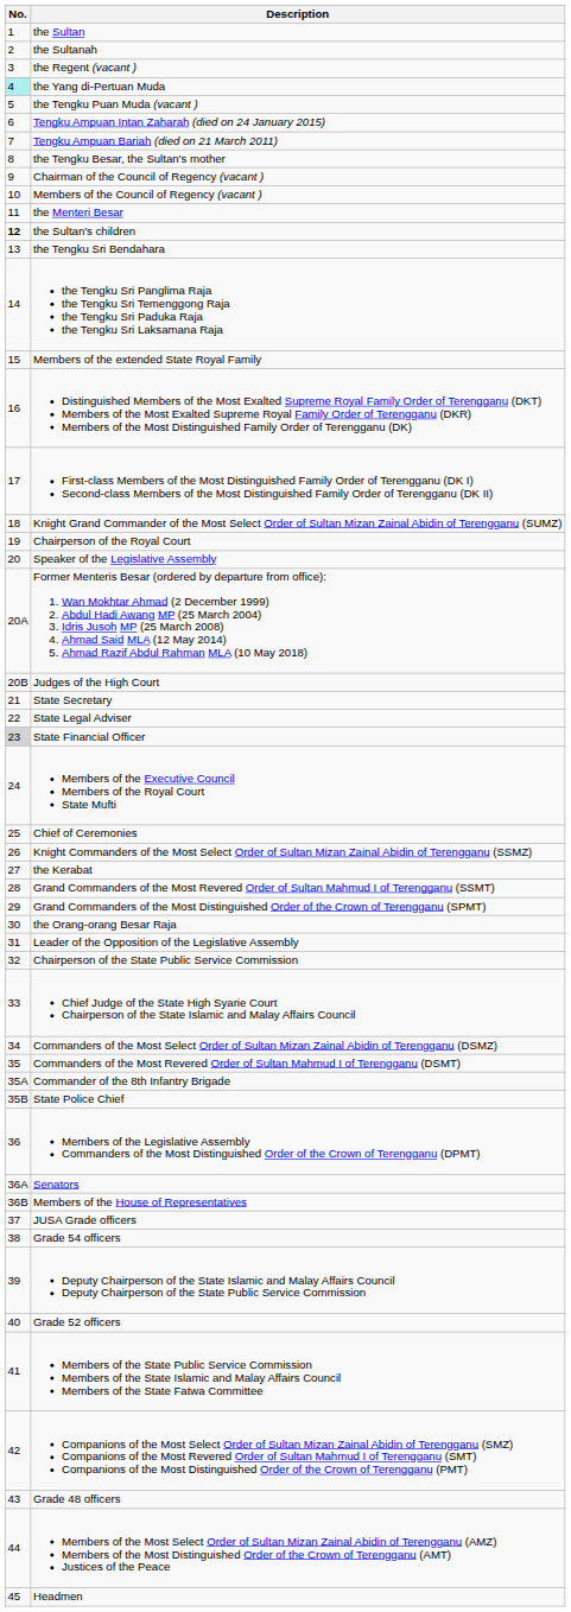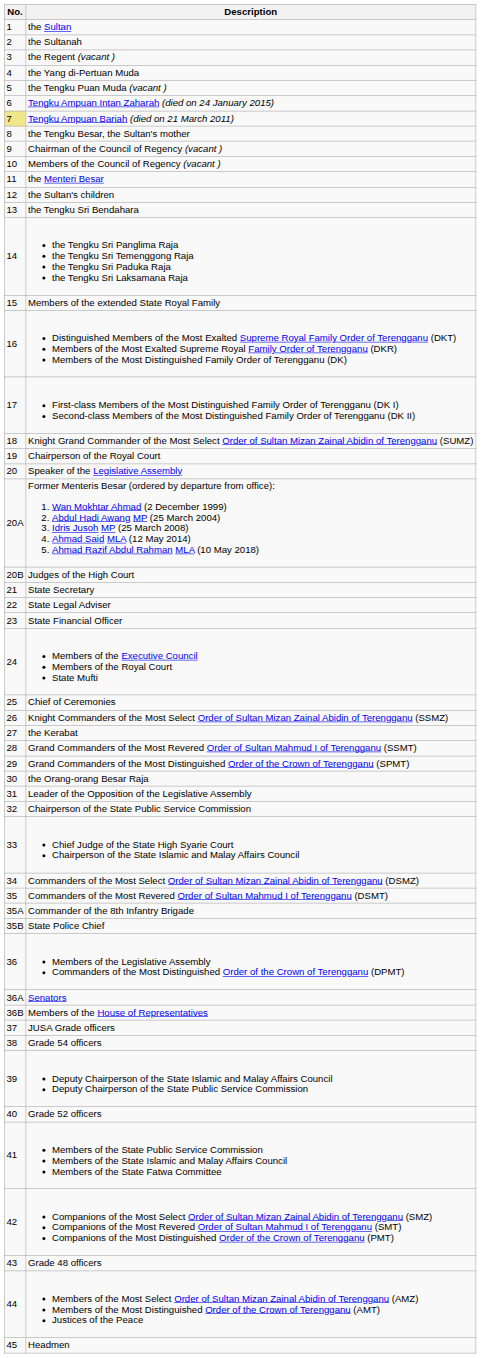 <table class="wikitable">
 <tr>
 <th>No.</th>
 <th>Description</th>
 </tr>
 <tr>
 <td>1</td>
 <td>the <a href='#'>Sultan</a></td>
 </tr>
 <tr>
 <td>2</td>
 <td>the Sultanah</td>
 </tr>
 <tr>
 <td>3</td>
 <td>the Regent <em>(vacant )</em></td>
 </tr>
 <tr>
-<td style="background: paleturquoise;">4</td>
+<td>4</td>
 <td>the Yang di-Pertuan Muda</td>
 </tr>
 <tr>
 <td>5</td>
 <td>the Tengku Puan Muda <em>(vacant )</em></td>
 </tr>
 <tr>
 <td>6</td>
 <td><a href='#'>Tengku Ampuan Intan Zaharah</a> <em>(died on 24 January 2015)</em></td>
 </tr>
 <tr>
-<td>7</td>
+<td style="background: khaki;">7</td>
 <td><a href='#'>Tengku Ampuan Bariah</a> <em>(died on 21 March 2011)</em></td>
 </tr>
 <tr>
 <td>8</td>
 <td>the Tengku Besar, the Sultan's mother</td>
 </tr>
 <tr>
 <td>9</td>
 <td>Chairman of the Council of Regency <em>(vacant )</em></td>
 </tr>
 <tr>
 <td>10</td>
 <td>Members of the Council of Regency <em>(vacant )</em></td>
 </tr>
 <tr>
 <td>11</td>
 <td>the <a href='#'>Menteri Besar</a></td>
 </tr>
 <tr>
-<td><strong>12</strong></td>
+<td>12</td>
 <td>the Sultan's children</td>
 </tr>
 <tr>
 <td>13</td>
 <td>the Tengku Sri Bendahara</td>
 </tr>
 <tr>
 <td>14</td>
 <td><br><ul><li>the Tengku Sri Panglima Raja</li><li>the Tengku Sri Temenggong Raja</li><li>the Tengku Sri Paduka Raja</li><li>the Tengku Sri Laksamana Raja</li></ul></td>
 </tr>
 <tr>
 <td>15</td>
 <td>Members of the extended State Royal Family</td>
 </tr>
 <tr>
 <td>16</td>
 <td><br><ul><li>Distinguished Members of the Most Exalted <a href='#'>Supreme Royal Family Order of Terengganu</a> (DKT)</li><li>Members of the Most Exalted Supreme Royal <a href='#'>Family Order of Terengganu</a> (DKR)</li><li>Members of the Most Distinguished Family Order of Terengganu (DK)</li></ul></td>
 </tr>
 <tr>
 <td>17</td>
 <td><br><ul><li>First-class Members of the Most Distinguished Family Order of Terengganu (DK I)</li><li>Second-class Members of the Most Distinguished Family Order of Terengganu (DK II)</li></ul></td>
 </tr>
 <tr>
 <td>18</td>
 <td>Knight Grand Commander of the Most Select <a href='#'>Order of Sultan Mizan Zainal Abidin of Terengganu</a> (SUMZ)</td>
 </tr>
 <tr>
 <td>19</td>
 <td>Chairperson of the Royal Court</td>
 </tr>
 <tr>
 <td>20</td>
 <td>Speaker of the <a href='#'>Legislative Assembly</a></td>
 </tr>
 <tr>
 <td>20A</td>
 <td>Former Menteris Besar (ordered by departure from office):<br><ol><li><a href='#'>Wan Mokhtar Ahmad</a> (2 December 1999)</li><li><a href='#'>Abdul Hadi Awang</a> <a href='#'>MP</a> (25 March 2004)</li><li><a href='#'>Idris Jusoh</a> <a href='#'>MP</a> (25 March 2008)</li><li><a href='#'>Ahmad Said</a> <a href='#'>MLA</a> (12 May 2014)</li><li><a href='#'>Ahmad Razif Abdul Rahman</a> <a href='#'>MLA</a> (10 May 2018)</li></ol></td>
 </tr>
 <tr>
 <td>20B</td>
 <td>Judges of the High Court</td>
 </tr>
 <tr>
 <td>21</td>
 <td>State Secretary</td>
 </tr>
 <tr>
 <td>22</td>
 <td>State Legal Adviser</td>
 </tr>
 <tr>
-<td style="background: lightgrey;">23</td>
+<td>23</td>
 <td>State Financial Officer</td>
 </tr>
 <tr>
 <td>24</td>
 <td><br><ul><li>Members of the <a href='#'>Executive Council</a></li><li>Members of the Royal Court</li><li>State Mufti</li></ul></td>
 </tr>
 <tr>
 <td>25</td>
 <td>Chief of Ceremonies</td>
 </tr>
 <tr>
 <td>26</td>
 <td>Knight Commanders of the Most Select <a href='#'>Order of Sultan Mizan Zainal Abidin of Terengganu</a> (SSMZ)</td>
 </tr>
 <tr>
 <td>27</td>
 <td>the Kerabat</td>
 </tr>
 <tr>
 <td>28</td>
 <td>Grand Commanders of the Most Revered <a href='#'>Order of Sultan Mahmud I of Terengganu</a> (SSMT)</td>
 </tr>
 <tr>
 <td>29</td>
 <td>Grand Commanders of the Most Distinguished <a href='#'>Order of the Crown of Terengganu</a> (SPMT)</td>
 </tr>
 <tr>
 <td>30</td>
 <td>the Orang-orang Besar Raja</td>
 </tr>
 <tr>
 <td>31</td>
 <td>Leader of the Opposition of the Legislative Assembly</td>
 </tr>
 <tr>
 <td>32</td>
 <td>Chairperson of the State Public Service Commission</td>
 </tr>
 <tr>
 <td>33</td>
 <td><br><ul><li>Chief Judge of the State High Syarie Court</li><li>Chairperson of the State Islamic and Malay Affairs Council</li></ul></td>
 </tr>
 <tr>
 <td>34</td>
 <td>Commanders of the Most Select <a href='#'>Order of Sultan Mizan Zainal Abidin of Terengganu</a> (DSMZ)</td>
 </tr>
 <tr>
 <td>35</td>
 <td>Commanders of the Most Revered <a href='#'>Order of Sultan Mahmud I of Terengganu</a> (DSMT)</td>
 </tr>
 <tr>
 <td>35A</td>
 <td>Commander of the 8th Infantry Brigade</td>
 </tr>
 <tr>
 <td>35B</td>
 <td>State Police Chief</td>
 </tr>
 <tr>
 <td>36</td>
 <td><br><ul><li>Members of the Legislative Assembly</li><li>Commanders of the Most Distinguished <a href='#'>Order of the Crown of Terengganu</a> (DPMT)</li></ul></td>
 </tr>
 <tr>
 <td>36A</td>
 <td><a href='#'>Senators</a></td>
 </tr>
 <tr>
 <td>36B</td>
 <td>Members of the <a href='#'>House of Representatives</a></td>
 </tr>
 <tr>
 <td>37</td>
 <td>JUSA Grade officers</td>
 </tr>
 <tr>
 <td>38</td>
 <td>Grade 54 officers</td>
 </tr>
 <tr>
 <td>39</td>
 <td><br><ul><li>Deputy Chairperson of the State Islamic and Malay Affairs Council</li><li>Deputy Chairperson of the State Public Service Commission</li></ul></td>
 </tr>
 <tr>
 <td>40</td>
 <td>Grade 52 officers</td>
 </tr>
 <tr>
 <td>41</td>
 <td><br><ul><li>Members of the State Public Service Commission</li><li>Members of the State Islamic and Malay Affairs Council</li><li>Members of the State Fatwa Committee</li></ul></td>
 </tr>
 <tr>
 <td>42</td>
 <td><br><ul><li>Companions of the Most Select <a href='#'>Order of Sultan Mizan Zainal Abidin of Terengganu</a> (SMZ)</li><li>Companions of the Most Revered <a href='#'>Order of Sultan Mahmud I of Terengganu</a> (SMT)</li><li>Companions of the Most Distinguished <a href='#'>Order of the Crown of Terengganu</a> (PMT)</li></ul></td>
 </tr>
 <tr>
 <td>43</td>
 <td>Grade 48 officers</td>
 </tr>
 <tr>
 <td>44</td>
 <td><br><ul><li>Members of the Most Select <a href='#'>Order of Sultan Mizan Zainal Abidin of Terengganu</a> (AMZ)</li><li>Members of the Most Distinguished <a href='#'>Order of the Crown of Terengganu</a> (AMT)</li><li>Justices of the Peace</li></ul></td>
 </tr>
 <tr>
 <td>45</td>
 <td>Headmen</td>
 </tr>
 </table>
